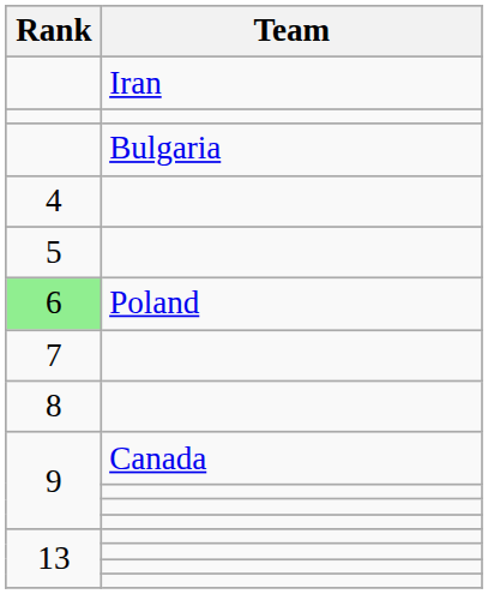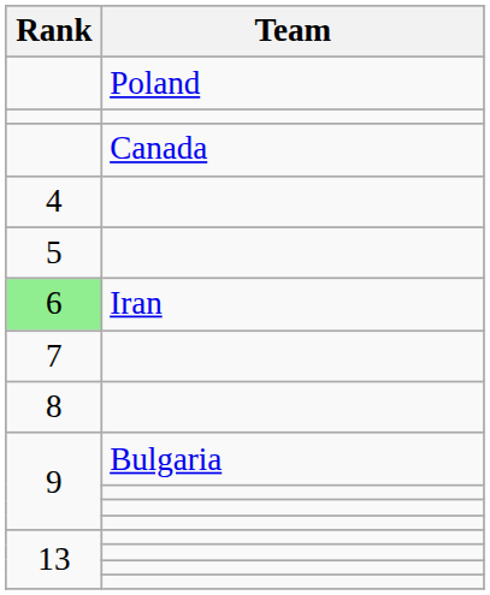 <table class="wikitable" style="text-align: center;">
 <tr>
 <th width=40>Rank</th>
 <th width=180>Team</th>
 </tr>
 <tr>
 <td></td>
-<td align=left> <a href='#'>Iran</a></td>
+<td align=left> <a href='#'>Poland</a></td>
 </tr>
 <tr>
 <td></td>
 <td align=left></td>
 </tr>
 <tr>
 <td></td>
-<td align=left> <a href='#'>Bulgaria</a></td>
+<td align=left> <a href='#'>Canada</a></td>
 </tr>
 <tr>
 <td>4</td>
 <td align=left></td>
 </tr>
 <tr>
 <td>5</td>
 <td align=left></td>
 </tr>
 <tr>
 <td style="background: lightgreen;">6</td>
-<td align=left> <a href='#'>Poland</a></td>
+<td align=left> <a href='#'>Iran</a></td>
 </tr>
 <tr>
 <td>7</td>
 <td align=left></td>
 </tr>
 <tr>
 <td>8</td>
 <td align=left></td>
 </tr>
 <tr>
 <td rowspan=4>9</td>
-<td align=left> <a href='#'>Canada</a></td>
+<td align=left> <a href='#'>Bulgaria</a></td>
 </tr>
 <tr>
 <td align=left></td>
 </tr>
 <tr>
 <td align=left></td>
 </tr>
 <tr>
 <td align=left></td>
 </tr>
 <tr>
 <td rowspan=4>13</td>
 <td align=left></td>
 </tr>
 <tr>
 <td align=left></td>
 </tr>
 <tr>
 <td align=left></td>
 </tr>
 <tr>
 <td align=left></td>
 </tr>
 </table>
